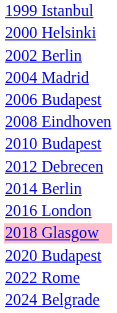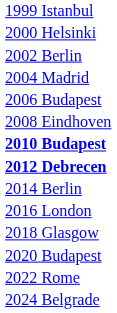 <table>
 <tr>
 <td><a href='#'>1999 Istanbul</a></td>
 <td></td>
 <td></td>
 <td></td>
 </tr>
 <tr>
 <td><a href='#'>2000 Helsinki</a></td>
 <td></td>
 <td></td>
 <td></td>
 </tr>
 <tr>
 <td><a href='#'>2002 Berlin</a></td>
 <td></td>
 <td></td>
 <td></td>
 </tr>
 <tr>
 <td><a href='#'>2004 Madrid</a></td>
 <td></td>
 <td></td>
 <td></td>
 </tr>
 <tr>
 <td><a href='#'>2006 Budapest</a></td>
 <td></td>
 <td></td>
 <td></td>
 </tr>
 <tr>
 <td><a href='#'>2008 Eindhoven</a></td>
 <td></td>
 <td></td>
 <td></td>
 </tr>
 <tr>
-<td><a href='#'>2010 Budapest</a></td>
+<td><strong><a href='#'>2010 Budapest</a></strong></td>
 <td></td>
 <td></td>
 <td></td>
 </tr>
 <tr>
-<td><a href='#'>2012 Debrecen</a></td>
+<td><strong><a href='#'>2012 Debrecen</a></strong></td>
 <td></td>
 <td></td>
 <td></td>
 </tr>
 <tr>
 <td><a href='#'>2014 Berlin</a></td>
 <td></td>
 <td></td>
 <td></td>
 </tr>
 <tr>
 <td><a href='#'>2016 London</a></td>
 <td></td>
 <td></td>
 <td></td>
 </tr>
 <tr>
-<td style="background: pink;"><a href='#'>2018 Glasgow</a></td>
+<td><a href='#'>2018 Glasgow</a></td>
 <td></td>
 <td></td>
 <td></td>
 </tr>
 <tr>
 <td><a href='#'>2020 Budapest</a></td>
 <td></td>
 <td></td>
 <td></td>
 </tr>
 <tr>
 <td><a href='#'>2022 Rome</a></td>
 <td></td>
 <td></td>
 <td></td>
 </tr>
 <tr>
 <td><a href='#'>2024 Belgrade</a></td>
 <td></td>
 <td></td>
 <td></td>
 </tr>
 </table>
